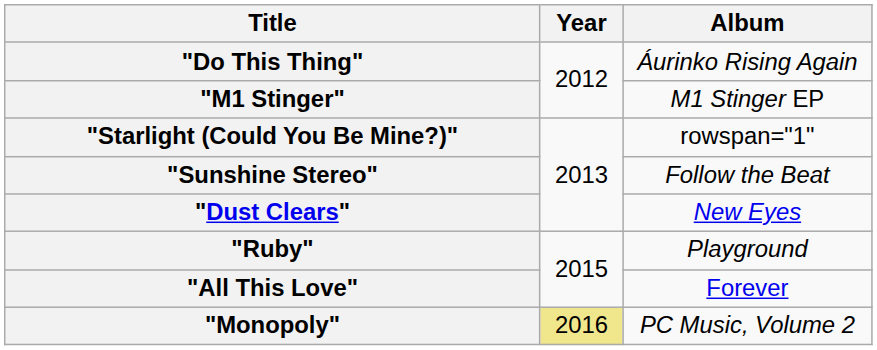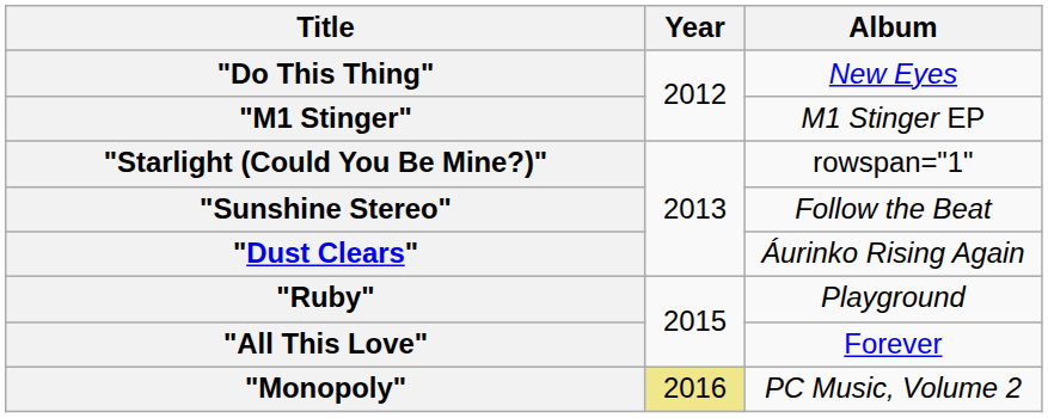 <table class="wikitable plainrowheaders" style="text-align:center;">
 <tr>
 <th scope="col" style="width:22em;">Title</th>
 <th scope="col" style="width:3em;">Year</th>
 <th scope="col" style="width:10em;">Album</th>
 </tr>
 <tr>
 <th scope="row">"Do This Thing"<br></th>
 <td rowspan="2">2012</td>
-<td><em>Áurinko Rising Again</em></td>
+<td><em><a href='#'>New Eyes</a></em></td>
 </tr>
 <tr>
 <th scope="row">"M1 Stinger"<br></th>
 <td><em>M1 Stinger</em> EP</td>
 </tr>
 <tr>
 <th scope="row">"Starlight (Could You Be Mine?)"<br></th>
 <td rowspan="3">2013</td>
 <td>rowspan="1" </td>
 </tr>
 <tr>
 <th scope="row">"Sunshine Stereo"<br></th>
 <td><em>Follow the Beat</em></td>
 </tr>
 <tr>
 <th scope="row">"<a href='#'>Dust Clears</a>"<br></th>
-<td><em><a href='#'>New Eyes</a></em></td>
+<td><em>Áurinko Rising Again</em></td>
 </tr>
 <tr>
 <th scope="row">"Ruby"<br></th>
 <td rowspan="2">2015</td>
 <td><em>Playground</em></td>
 </tr>
 <tr>
 <th scope="row">"All This Love"<br></th>
 <td><a href='#'>Forever</a></td>
 </tr>
 <tr>
 <th scope="row">"Monopoly"<br></th>
 <td style="background: khaki;">2016</td>
 <td><em>PC Music, Volume 2</em></td>
 </tr>
 </table>
